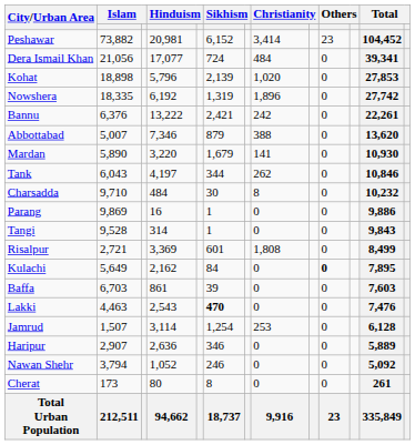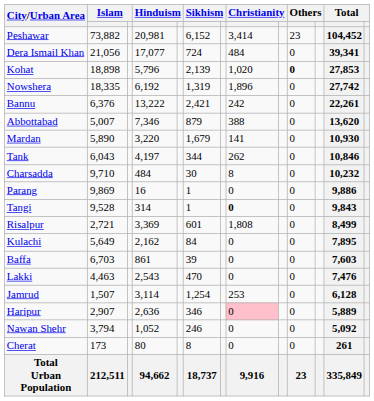 <table class="wikitable sortable">
 <tr>
 <th rowspan="2"><a href='#'>City</a>/<a href='#'>Urban Area</a></th>
 <th colspan="2"><a href='#'>Islam</a> </th>
 <th colspan="2"><a href='#'>Hinduism</a> </th>
 <th colspan="2"><a href='#'>Sikhism</a> </th>
 <th colspan="2"><a href='#'>Christianity</a> </th>
 <th colspan="2">Others</th>
 <th colspan="2">Total</th>
 </tr>
 <tr>
 <th><a href='#'></a></th>
 <th></th>
 <th></th>
 <th></th>
 <th></th>
 <th></th>
 <th></th>
 <th></th>
 <th></th>
 <th></th>
 <th></th>
 <th></th>
 </tr>
 <tr>
 <td><a href='#'>Peshawar</a></td>
 <td>73,882</td>
 <td></td>
 <td>20,981</td>
 <td></td>
 <td>6,152</td>
 <td></td>
 <td>3,414</td>
 <td></td>
 <td>23</td>
 <td></td>
 <th>104,452</th>
 <th></th>
 </tr>
 <tr>
 <td><a href='#'>Dera Ismail Khan</a></td>
 <td>21,056</td>
 <td></td>
 <td>17,077</td>
 <td></td>
 <td>724</td>
 <td></td>
 <td>484</td>
 <td></td>
 <td>0</td>
 <td></td>
 <th>39,341</th>
 <th></th>
 </tr>
 <tr>
 <td><a href='#'>Kohat</a></td>
 <td>18,898</td>
 <td></td>
 <td>5,796</td>
 <td></td>
 <td>2,139</td>
 <td></td>
 <td>1,020</td>
 <td></td>
-<td>0</td>
+<td><strong>0</strong></td>
 <td></td>
 <th>27,853</th>
 <th></th>
 </tr>
 <tr>
 <td><a href='#'>Nowshera</a></td>
 <td>18,335</td>
 <td></td>
 <td>6,192</td>
 <td></td>
 <td>1,319</td>
 <td></td>
 <td>1,896</td>
 <td></td>
 <td>0</td>
 <td></td>
 <th>27,742</th>
 <th></th>
 </tr>
 <tr>
 <td><a href='#'>Bannu</a></td>
 <td>6,376</td>
 <td></td>
 <td>13,222</td>
 <td></td>
 <td>2,421</td>
 <td></td>
 <td>242</td>
 <td></td>
 <td>0</td>
 <td></td>
 <th>22,261</th>
 <th></th>
 </tr>
 <tr>
 <td><a href='#'>Abbottabad</a></td>
 <td>5,007</td>
 <td></td>
 <td>7,346</td>
 <td></td>
 <td>879</td>
 <td></td>
 <td>388</td>
 <td></td>
 <td>0</td>
 <td></td>
 <th>13,620</th>
 <th></th>
 </tr>
 <tr>
 <td><a href='#'>Mardan</a></td>
 <td>5,890</td>
 <td></td>
 <td>3,220</td>
 <td></td>
 <td>1,679</td>
 <td></td>
 <td>141</td>
 <td></td>
 <td>0</td>
 <td></td>
 <th>10,930</th>
 <th></th>
 </tr>
 <tr>
 <td><a href='#'>Tank</a></td>
 <td>6,043</td>
 <td></td>
 <td>4,197</td>
 <td></td>
 <td>344</td>
 <td></td>
 <td>262</td>
 <td></td>
 <td>0</td>
 <td></td>
 <th>10,846</th>
 <th></th>
 </tr>
 <tr>
 <td><a href='#'>Charsadda</a></td>
 <td>9,710</td>
 <td></td>
 <td>484</td>
 <td></td>
 <td>30</td>
 <td></td>
 <td>8</td>
 <td></td>
 <td>0</td>
 <td></td>
 <th>10,232</th>
 <th></th>
 </tr>
 <tr>
 <td><a href='#'>Parang</a></td>
 <td>9,869</td>
 <td></td>
 <td>16</td>
 <td></td>
 <td>1</td>
 <td></td>
 <td>0</td>
 <td></td>
 <td>0</td>
 <td></td>
 <th>9,886</th>
 <th></th>
 </tr>
 <tr>
 <td><a href='#'>Tangi</a></td>
 <td>9,528</td>
 <td></td>
 <td>314</td>
 <td></td>
 <td>1</td>
 <td></td>
-<td>0</td>
+<td><strong>0</strong></td>
 <td></td>
 <td>0</td>
 <td></td>
 <th>9,843</th>
 <th></th>
 </tr>
 <tr>
 <td><a href='#'>Risalpur</a></td>
 <td>2,721</td>
 <td></td>
 <td>3,369</td>
 <td></td>
 <td>601</td>
 <td></td>
 <td>1,808</td>
 <td></td>
 <td>0</td>
 <td></td>
 <th>8,499</th>
 <th></th>
 </tr>
 <tr>
 <td><a href='#'>Kulachi</a></td>
 <td>5,649</td>
 <td></td>
 <td>2,162</td>
 <td></td>
 <td>84</td>
 <td></td>
 <td>0</td>
 <td></td>
-<td><strong>0</strong></td>
+<td>0</td>
 <td></td>
 <th>7,895</th>
 <th></th>
 </tr>
 <tr>
 <td><a href='#'>Baffa</a></td>
 <td>6,703</td>
 <td></td>
 <td>861</td>
 <td></td>
 <td>39</td>
 <td></td>
 <td>0</td>
 <td></td>
 <td>0</td>
 <td></td>
 <th>7,603</th>
 <th></th>
 </tr>
 <tr>
 <td><a href='#'>Lakki</a></td>
 <td>4,463</td>
 <td></td>
 <td>2,543</td>
 <td></td>
-<td><strong>470</strong></td>
+<td>470</td>
 <td></td>
 <td>0</td>
 <td></td>
 <td>0</td>
 <td></td>
 <th>7,476</th>
 <th></th>
 </tr>
 <tr>
 <td><a href='#'>Jamrud</a></td>
 <td>1,507</td>
 <td></td>
 <td>3,114</td>
 <td></td>
 <td>1,254</td>
 <td></td>
 <td>253</td>
 <td></td>
 <td>0</td>
 <td></td>
 <th>6,128</th>
 <th></th>
 </tr>
 <tr>
 <td><a href='#'>Haripur</a></td>
 <td>2,907</td>
 <td></td>
 <td>2,636</td>
 <td></td>
 <td>346</td>
 <td></td>
-<td>0</td>
+<td style="background: pink;">0</td>
 <td></td>
 <td>0</td>
 <td></td>
 <th>5,889</th>
 <th></th>
 </tr>
 <tr>
 <td><a href='#'>Nawan Shehr</a></td>
 <td>3,794</td>
 <td></td>
 <td>1,052</td>
 <td></td>
 <td>246</td>
 <td></td>
 <td>0</td>
 <td></td>
 <td>0</td>
 <td></td>
 <th>5,092</th>
 <th></th>
 </tr>
 <tr>
 <td><a href='#'>Cherat</a></td>
 <td>173</td>
 <td></td>
 <td>80</td>
 <td></td>
 <td>8</td>
 <td></td>
 <td>0</td>
 <td></td>
 <td>0</td>
 <td></td>
 <th>261</th>
 <th></th>
 </tr>
 <tr>
 <th>Total<br>Urban<br>Population</th>
 <th>212,511</th>
 <th></th>
 <th>94,662</th>
 <th></th>
 <th>18,737</th>
 <th></th>
 <th>9,916</th>
 <th></th>
 <th>23</th>
 <th></th>
 <th>335,849</th>
 <th></th>
 </tr>
 </table>
